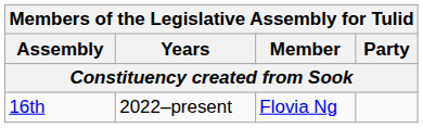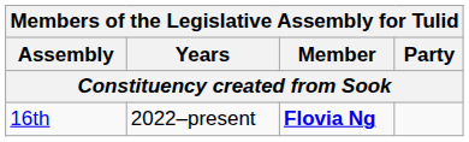 <table class=wikitable>
 <tr>
 <th colspan=4>Members of the Legislative Assembly for Tulid</th>
 </tr>
 <tr>
 <th>Assembly</th>
 <th>Years</th>
 <th>Member</th>
 <th>Party</th>
 </tr>
 <tr>
 <th colspan=4 align=center><em>Constituency created from Sook</em></th>
 </tr>
 <tr>
 <td><a href='#'>16th</a></td>
 <td>2022–present</td>
-<td><a href='#'>Flovia Ng</a></td>
+<td><strong><a href='#'>Flovia Ng</a></strong></td>
 <td></td>
 </tr>
 </table>
